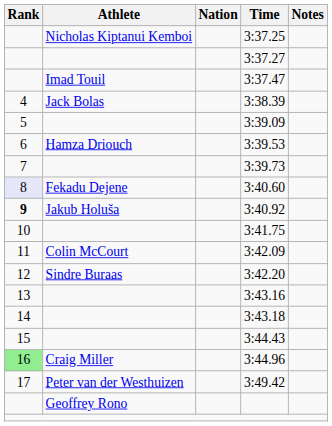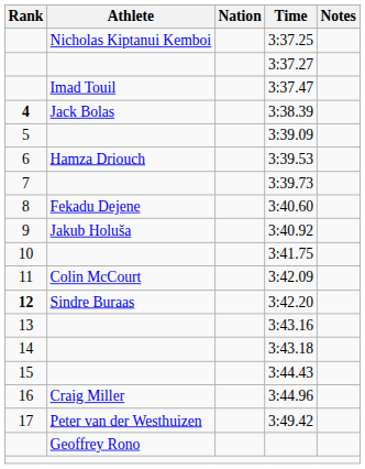 <table class="wikitable mw-datatable sortable" style="text-align:center;">
 <tr>
 <th scope="col" style="width: 10px;">Rank</th>
 <th scope="col">Athlete</th>
 <th scope="col">Nation</th>
 <th scope="col">Time</th>
 <th scope="col">Notes</th>
 </tr>
 <tr>
 <td></td>
 <td align="left"><a href='#'>Nicholas Kiptanui Kemboi</a></td>
 <td align="left"></td>
 <td>3:37.25</td>
 <td></td>
 </tr>
 <tr>
 <td></td>
 <td align="left"></td>
 <td align="left"></td>
 <td>3:37.27</td>
 <td></td>
 </tr>
 <tr>
 <td></td>
 <td align="left"><a href='#'>Imad Touil</a></td>
 <td align="left"></td>
 <td>3:37.47</td>
 <td></td>
 </tr>
 <tr>
-<td>4</td>
+<td><strong>4</strong></td>
 <td align="left"><a href='#'>Jack Bolas</a></td>
 <td align="left"></td>
 <td>3:38.39</td>
 <td></td>
 </tr>
 <tr>
 <td>5</td>
 <td align="left"></td>
 <td align="left"></td>
 <td>3:39.09</td>
 <td></td>
 </tr>
 <tr>
 <td>6</td>
 <td align="left"><a href='#'>Hamza Driouch</a></td>
 <td align="left"></td>
 <td>3:39.53</td>
 <td></td>
 </tr>
 <tr>
 <td>7</td>
 <td align="left"></td>
 <td align="left"></td>
 <td>3:39.73</td>
 <td></td>
 </tr>
 <tr>
-<td style="background: lavender;">8</td>
+<td>8</td>
 <td align="left"><a href='#'>Fekadu Dejene</a></td>
 <td align="left"></td>
 <td>3:40.60</td>
 <td></td>
 </tr>
 <tr>
-<td><strong>9</strong></td>
+<td>9</td>
 <td align="left"><a href='#'>Jakub Holuša</a></td>
 <td align="left"></td>
 <td>3:40.92</td>
 <td></td>
 </tr>
 <tr>
 <td>10</td>
 <td align="left"></td>
 <td align="left"></td>
 <td>3:41.75</td>
 <td></td>
 </tr>
 <tr>
 <td>11</td>
 <td align="left"><a href='#'>Colin McCourt</a></td>
 <td align="left"></td>
 <td>3:42.09</td>
 <td></td>
 </tr>
 <tr>
-<td>12</td>
+<td><strong>12</strong></td>
 <td align="left"><a href='#'>Sindre Buraas</a></td>
 <td align="left"></td>
 <td>3:42.20</td>
 <td></td>
 </tr>
 <tr>
 <td>13</td>
 <td align="left"></td>
 <td align="left"></td>
 <td>3:43.16</td>
 <td></td>
 </tr>
 <tr>
 <td>14</td>
 <td align="left"></td>
 <td align="left"></td>
 <td>3:43.18</td>
 <td></td>
 </tr>
 <tr>
 <td>15</td>
 <td align="left"></td>
 <td align="left"></td>
 <td>3:44.43</td>
 <td></td>
 </tr>
 <tr>
-<td style="background: lightgreen;">16</td>
+<td>16</td>
 <td align="left"><a href='#'>Craig Miller</a></td>
 <td align="left"></td>
 <td>3:44.96</td>
 <td></td>
 </tr>
 <tr>
 <td>17</td>
 <td align="left"><a href='#'>Peter van der Westhuizen</a></td>
 <td align="left"></td>
 <td>3:49.42</td>
 <td></td>
 </tr>
 <tr>
 <td></td>
 <td align="left"><a href='#'>Geoffrey Rono</a></td>
 <td align="left"></td>
 <td></td>
 <td></td>
 </tr>
 <tr class="sortbottom">
 <td colspan="5"></td>
 </tr>
 </table>
